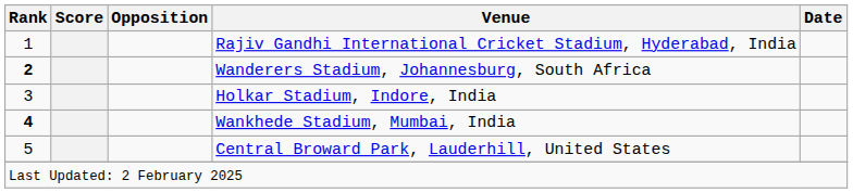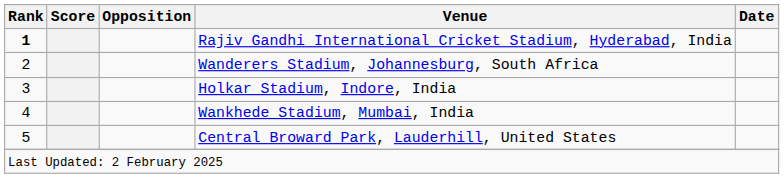 <table class="wikitable sortable">
 <tr>
 <th scope=col>Rank</th>
 <th scope=col>Score</th>
 <th scope=col>Opposition</th>
 <th scope=col>Venue</th>
 <th scope=col>Date</th>
 </tr>
 <tr>
-<td scope=row style=text-align:center;>1</td>
+<td scope=row style=text-align:center;><strong>1</strong></td>
 <th scope=row style=text-align:center;></th>
 <td></td>
 <td><a href='#'>Rajiv Gandhi International Cricket Stadium</a>, <a href='#'>Hyderabad</a>, India</td>
 <td></td>
 </tr>
 <tr>
-<td scope=row style=text-align:center;><strong>2</strong></td>
+<td scope=row style=text-align:center;>2</td>
 <th scope=row style=text-align:center;></th>
 <td></td>
 <td><a href='#'>Wanderers Stadium</a>, <a href='#'>Johannesburg</a>, South Africa</td>
 <td></td>
 </tr>
 <tr>
 <td scope=row style=text-align:center;>3</td>
 <th scope=row style=text-align:center;></th>
 <td></td>
 <td><a href='#'>Holkar Stadium</a>, <a href='#'>Indore</a>, India</td>
 <td></td>
 </tr>
 <tr>
-<td scope=row style=text-align:center;><strong>4</strong></td>
+<td scope=row style=text-align:center;>4</td>
 <th scope=row style=text-align:center;></th>
 <td></td>
 <td><a href='#'>Wankhede Stadium</a>, <a href='#'>Mumbai</a>, India</td>
 <td></td>
 </tr>
 <tr>
 <td scope=row style=text-align:center;>5</td>
 <th scope=row style=text-align:center;></th>
 <td></td>
 <td><a href='#'>Central Broward Park</a>, <a href='#'>Lauderhill</a>, United States</td>
 <td></td>
 </tr>
 <tr>
 </tr>
 <tr class=sortbottom>
 <td colspan=5><small>Last Updated: 2 February 2025</small></td>
 </tr>
 </table>
